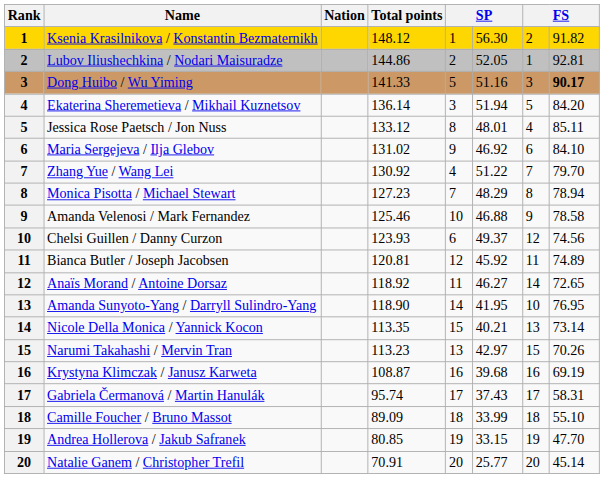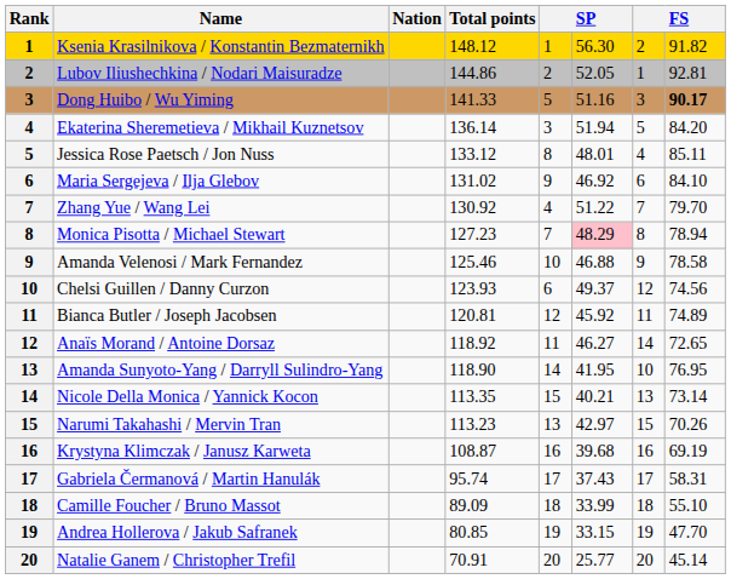 <table class="wikitable">
 <tr>
 <th>Rank</th>
 <th>Name</th>
 <th>Nation</th>
 <th>Total points</th>
 <th colspan="2" width="80px"><a href='#'>SP</a></th>
 <th colspan="2" width="80px"><a href='#'>FS</a></th>
 </tr>
 <tr bgcolor=gold>
 <td align=center><strong>1</strong></td>
 <td><a href='#'>Ksenia Krasilnikova</a> / <a href='#'>Konstantin Bezmaternikh</a></td>
 <td></td>
 <td>148.12</td>
 <td>1</td>
 <td>56.30</td>
 <td>2</td>
 <td>91.82</td>
 </tr>
 <tr bgcolor=silver>
 <td align=center><strong>2</strong></td>
 <td><a href='#'>Lubov Iliushechkina</a> / <a href='#'>Nodari Maisuradze</a></td>
 <td></td>
 <td>144.86</td>
 <td>2</td>
 <td>52.05</td>
 <td>1</td>
 <td>92.81</td>
 </tr>
 <tr bgcolor=cc9966>
 <td align=center><strong>3</strong></td>
 <td><a href='#'>Dong Huibo</a> / <a href='#'>Wu Yiming</a></td>
 <td></td>
 <td>141.33</td>
 <td>5</td>
 <td>51.16</td>
 <td>3</td>
 <td><strong>90.17</strong></td>
 </tr>
 <tr>
 <th>4</th>
 <td><a href='#'>Ekaterina Sheremetieva</a> / <a href='#'>Mikhail Kuznetsov</a></td>
 <td></td>
 <td>136.14</td>
 <td>3</td>
 <td>51.94</td>
 <td>5</td>
 <td>84.20</td>
 </tr>
 <tr>
 <th>5</th>
 <td>Jessica Rose Paetsch / Jon Nuss</td>
 <td></td>
 <td>133.12</td>
 <td>8</td>
 <td>48.01</td>
 <td>4</td>
 <td>85.11</td>
 </tr>
 <tr>
 <th>6</th>
 <td><a href='#'>Maria Sergejeva</a> / <a href='#'>Ilja Glebov</a></td>
 <td></td>
 <td>131.02</td>
 <td>9</td>
 <td>46.92</td>
 <td>6</td>
 <td>84.10</td>
 </tr>
 <tr>
 <th>7</th>
 <td><a href='#'>Zhang Yue</a> / <a href='#'>Wang Lei</a></td>
 <td></td>
 <td>130.92</td>
 <td>4</td>
 <td>51.22</td>
 <td>7</td>
 <td>79.70</td>
 </tr>
 <tr>
 <th>8</th>
 <td><a href='#'>Monica Pisotta</a> / <a href='#'>Michael Stewart</a></td>
 <td></td>
 <td>127.23</td>
 <td>7</td>
-<td>48.29</td>
+<td style="background: pink;">48.29</td>
 <td>8</td>
 <td>78.94</td>
 </tr>
 <tr>
 <th>9</th>
 <td>Amanda Velenosi / Mark Fernandez</td>
 <td></td>
 <td>125.46</td>
 <td>10</td>
 <td>46.88</td>
 <td>9</td>
 <td>78.58</td>
 </tr>
 <tr>
 <th>10</th>
 <td>Chelsi Guillen / Danny Curzon</td>
 <td></td>
 <td>123.93</td>
 <td>6</td>
 <td>49.37</td>
 <td>12</td>
 <td>74.56</td>
 </tr>
 <tr>
 <th>11</th>
 <td>Bianca Butler / Joseph Jacobsen</td>
 <td></td>
 <td>120.81</td>
 <td>12</td>
 <td>45.92</td>
 <td>11</td>
 <td>74.89</td>
 </tr>
 <tr>
 <th>12</th>
 <td><a href='#'>Anaïs Morand</a> / <a href='#'>Antoine Dorsaz</a></td>
 <td></td>
 <td>118.92</td>
 <td>11</td>
 <td>46.27</td>
 <td>14</td>
 <td>72.65</td>
 </tr>
 <tr>
 <th>13</th>
 <td><a href='#'>Amanda Sunyoto-Yang</a> / <a href='#'>Darryll Sulindro-Yang</a></td>
 <td></td>
 <td>118.90</td>
 <td>14</td>
 <td>41.95</td>
 <td>10</td>
 <td>76.95</td>
 </tr>
 <tr>
 <th>14</th>
 <td><a href='#'>Nicole Della Monica</a> / <a href='#'>Yannick Kocon</a></td>
 <td></td>
 <td>113.35</td>
 <td>15</td>
 <td>40.21</td>
 <td>13</td>
 <td>73.14</td>
 </tr>
 <tr>
 <th>15</th>
 <td><a href='#'>Narumi Takahashi</a> / <a href='#'>Mervin Tran</a></td>
 <td></td>
 <td>113.23</td>
 <td>13</td>
 <td>42.97</td>
 <td>15</td>
 <td>70.26</td>
 </tr>
 <tr>
 <th>16</th>
 <td><a href='#'>Krystyna Klimczak</a> / <a href='#'>Janusz Karweta</a></td>
 <td></td>
 <td>108.87</td>
 <td>16</td>
 <td>39.68</td>
 <td>16</td>
 <td>69.19</td>
 </tr>
 <tr>
 <th>17</th>
 <td><a href='#'>Gabriela Čermanová</a> / <a href='#'>Martin Hanulák</a></td>
 <td></td>
 <td>95.74</td>
 <td>17</td>
 <td>37.43</td>
 <td>17</td>
 <td>58.31</td>
 </tr>
 <tr>
 <th>18</th>
 <td><a href='#'>Camille Foucher</a> / <a href='#'>Bruno Massot</a></td>
 <td></td>
 <td>89.09</td>
 <td>18</td>
 <td>33.99</td>
 <td>18</td>
 <td>55.10</td>
 </tr>
 <tr>
 <th>19</th>
 <td><a href='#'>Andrea Hollerova</a> / <a href='#'>Jakub Safranek</a></td>
 <td></td>
 <td>80.85</td>
 <td>19</td>
 <td>33.15</td>
 <td>19</td>
 <td>47.70</td>
 </tr>
 <tr>
 <th>20</th>
 <td><a href='#'>Natalie Ganem</a> / <a href='#'>Christopher Trefil</a></td>
 <td></td>
 <td>70.91</td>
 <td>20</td>
 <td>25.77</td>
 <td>20</td>
 <td>45.14</td>
 </tr>
 </table>
